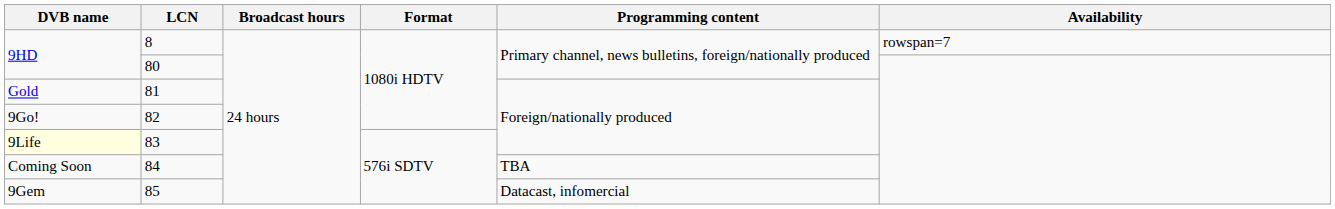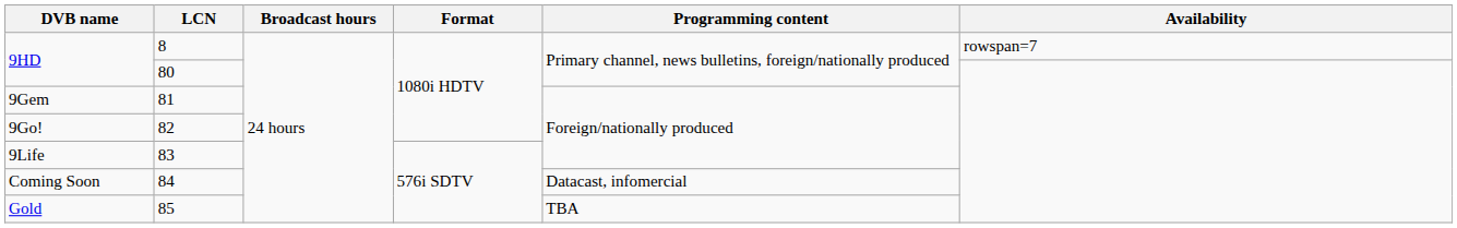 <table class="wikitable" style="font-size:90%; width:100%;">
 <tr>
 <th width="10%">DVB name</th>
 <th width="6%">LCN</th>
 <th width="10%">Broadcast hours</th>
 <th width="10%">Format</th>
 <th width="28%">Programming content</th>
 <th width="33%">Availability</th>
 </tr>
 <tr>
 <td rowspan=2><a href='#'>9HD</a></td>
 <td>8</td>
 <td rowspan="7">24 hours</td>
 <td rowspan="4">1080i HDTV<br></td>
 <td rowspan=2>Primary channel, news bulletins, foreign/nationally produced </td>
 <td>rowspan=7 </td>
 </tr>
 <tr>
 <td>80</td>
 </tr>
 <tr>
-<td><a href='#'>Gold</a></td>
+<td>9Gem</td>
 <td>81</td>
 <td rowspan=3>Foreign/nationally produced </td>
 </tr>
 <tr>
 <td>9Go!</td>
 <td>82</td>
 </tr>
 <tr>
-<td style="background: lightyellow;">9Life</td>
+<td>9Life</td>
 <td>83</td>
 <td rowspan=3>576i SDTV<br></td>
 </tr>
 <tr>
 <td>Coming Soon</td>
 <td>84</td>
+<td>Datacast, infomercial </td>
+</tr>
+<tr>
+<td><a href='#'>Gold</a></td>
+<td>85</td>
 <td>TBA </td>
 </tr>
-<tr>
-<td>9Gem</td>
-<td>85</td>
-<td>Datacast, infomercial </td>
-</tr>
 </table>
